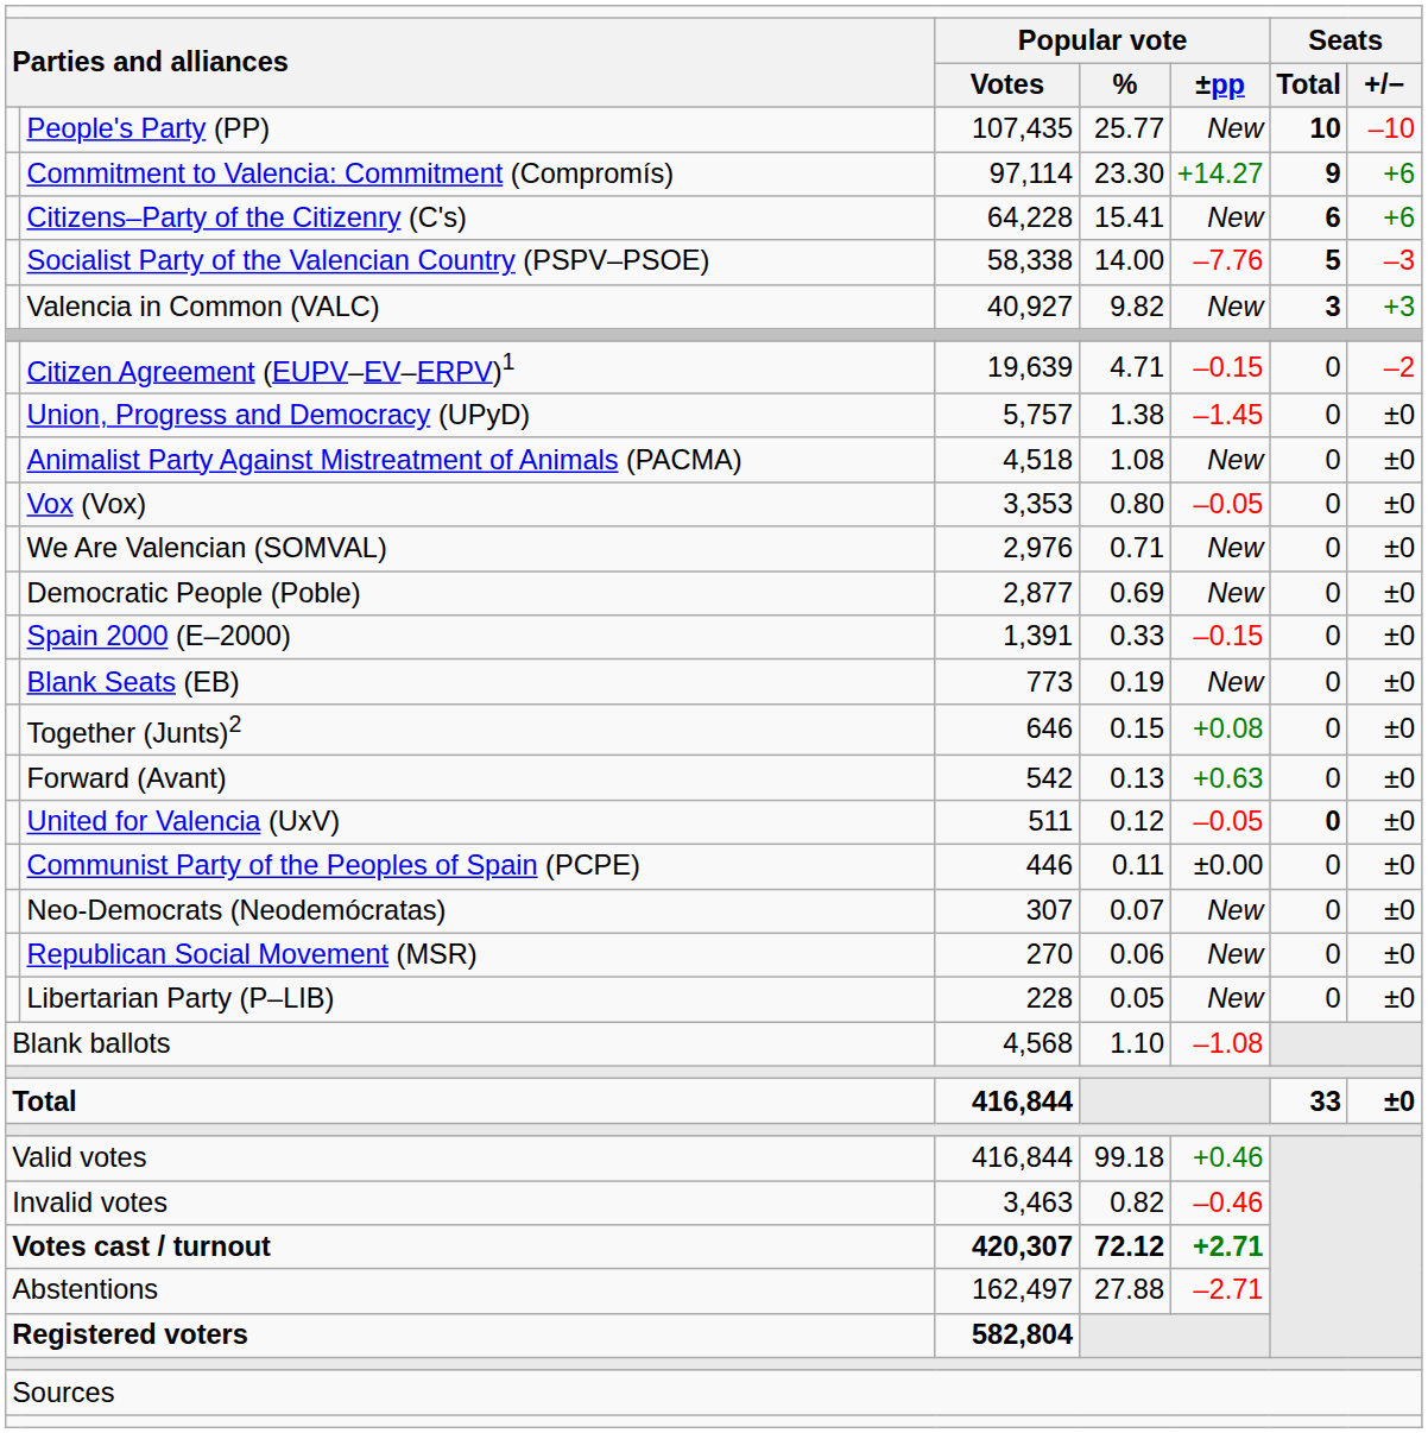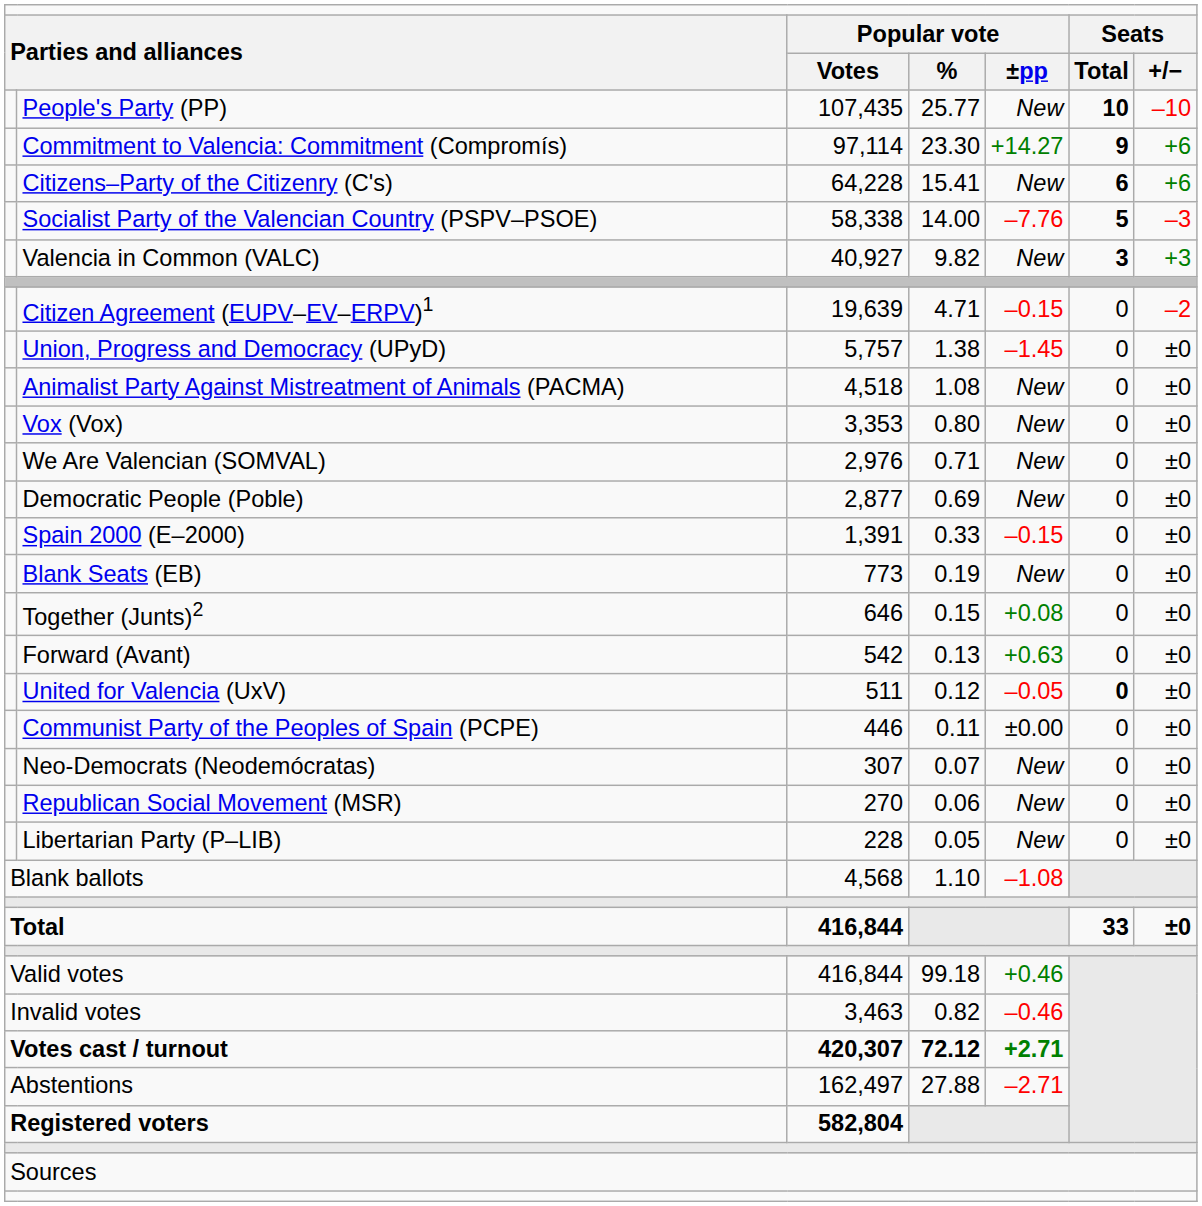 <table class="wikitable" style="text-align:right;">
 <tr>
 <td colspan="7"></td>
 </tr>
 <tr>
 <th style="text-align:left;" rowspan="2" colspan="2" width="525">Parties and alliances</th>
 <th colspan="3">Popular vote</th>
 <th colspan="2">Seats</th>
 </tr>
 <tr>
 <th width="75">Votes</th>
 <th width="45">%</th>
 <th width="45">±<a href='#'>pp</a></th>
 <th width="35">Total</th>
 <th width="35">+/−</th>
 </tr>
 <tr>
 <td width="1" style="color:inherit;background:"></td>
 <td align="left"><a href='#'>People's Party</a> (PP)</td>
 <td>107,435</td>
 <td>25.77</td>
 <td><em>New</em></td>
 <td><strong>10</strong></td>
 <td style="color:red;">–10</td>
 </tr>
 <tr>
 <td style="color:inherit;background:"></td>
 <td align="left"><a href='#'>Commitment to Valencia: Commitment</a> (Compromís)</td>
 <td>97,114</td>
 <td>23.30</td>
 <td style="color:green;">+14.27</td>
 <td><strong>9</strong></td>
 <td style="color:green;">+6</td>
 </tr>
 <tr>
 <td style="color:inherit;background:"></td>
 <td align="left"><a href='#'>Citizens–Party of the Citizenry</a> (C's)</td>
 <td>64,228</td>
 <td>15.41</td>
 <td><em>New</em></td>
 <td><strong>6</strong></td>
 <td style="color:green;">+6</td>
 </tr>
 <tr>
 <td style="color:inherit;background:"></td>
 <td align="left"><a href='#'>Socialist Party of the Valencian Country</a> (PSPV–PSOE)</td>
 <td>58,338</td>
 <td>14.00</td>
 <td style="color:red;">–7.76</td>
 <td><strong>5</strong></td>
 <td style="color:red;">–3</td>
 </tr>
 <tr>
 <td style="color:inherit;background:"></td>
 <td align="left">Valencia in Common (VALC)</td>
 <td>40,927</td>
 <td>9.82</td>
 <td><em>New</em></td>
 <td><strong>3</strong></td>
 <td style="color:green;">+3</td>
 </tr>
 <tr>
 <td colspan="7" bgcolor="#C0C0C0"></td>
 </tr>
 <tr>
 <td style="color:inherit;background:"></td>
 <td align="left"><a href='#'>Citizen Agreement</a> (<a href='#'>EUPV</a>–<a href='#'>EV</a>–<a href='#'>ERPV</a>)<sup>1</sup></td>
 <td>19,639</td>
 <td>4.71</td>
 <td style="color:red;">–0.15</td>
 <td>0</td>
 <td style="color:red;">–2</td>
 </tr>
 <tr>
 <td style="color:inherit;background:"></td>
 <td align="left"><a href='#'>Union, Progress and Democracy</a> (UPyD)</td>
 <td>5,757</td>
 <td>1.38</td>
 <td style="color:red;">–1.45</td>
 <td>0</td>
 <td>±0</td>
 </tr>
 <tr>
 <td style="color:inherit;background:"></td>
 <td align="left"><a href='#'>Animalist Party Against Mistreatment of Animals</a> (PACMA)</td>
 <td>4,518</td>
 <td>1.08</td>
 <td><em>New</em></td>
 <td>0</td>
 <td>±0</td>
 </tr>
 <tr>
 <td style="color:inherit;background:"></td>
 <td align="left"><a href='#'>Vox</a> (Vox)</td>
 <td>3,353</td>
 <td>0.80</td>
-<td style="color:red;">–0.05</td>
+<td><em>New</em></td>
 <td>0</td>
 <td>±0</td>
 </tr>
 <tr>
 <td style="color:inherit;background:"></td>
 <td align="left">We Are Valencian (SOMVAL)</td>
 <td>2,976</td>
 <td>0.71</td>
 <td><em>New</em></td>
 <td>0</td>
 <td>±0</td>
 </tr>
 <tr>
 <td style="color:inherit;background:"></td>
 <td align="left">Democratic People (Poble)</td>
 <td>2,877</td>
 <td>0.69</td>
 <td><em>New</em></td>
 <td>0</td>
 <td>±0</td>
 </tr>
 <tr>
 <td style="color:inherit;background:"></td>
 <td align="left"><a href='#'>Spain 2000</a> (E–2000)</td>
 <td>1,391</td>
 <td>0.33</td>
 <td style="color:red;">–0.15</td>
 <td>0</td>
 <td>±0</td>
 </tr>
 <tr>
 <td style="color:inherit;background:"></td>
 <td align="left"><a href='#'>Blank Seats</a> (EB)</td>
 <td>773</td>
 <td>0.19</td>
 <td><em>New</em></td>
 <td>0</td>
 <td>±0</td>
 </tr>
 <tr>
 <td style="color:inherit;background:"></td>
 <td align="left">Together (Junts)<sup>2</sup></td>
 <td>646</td>
 <td>0.15</td>
 <td style="color:green;">+0.08</td>
 <td>0</td>
 <td>±0</td>
 </tr>
 <tr>
 <td style="color:inherit;background:"></td>
 <td align="left">Forward (Avant)</td>
 <td>542</td>
 <td>0.13</td>
 <td style="color:green;">+0.63</td>
 <td>0</td>
 <td>±0</td>
 </tr>
 <tr>
 <td style="color:inherit;background:"></td>
 <td align="left"><a href='#'>United for Valencia</a> (UxV)</td>
 <td>511</td>
 <td>0.12</td>
 <td style="color:red;">–0.05</td>
 <td><strong>0</strong></td>
 <td>±0</td>
 </tr>
 <tr>
 <td style="color:inherit;background:"></td>
 <td align="left"><a href='#'>Communist Party of the Peoples of Spain</a> (PCPE)</td>
 <td>446</td>
 <td>0.11</td>
 <td>±0.00</td>
 <td>0</td>
 <td>±0</td>
 </tr>
 <tr>
 <td style="color:inherit;background:"></td>
 <td align="left">Neo-Democrats (Neodemócratas)</td>
 <td>307</td>
 <td>0.07</td>
 <td><em>New</em></td>
 <td>0</td>
 <td>±0</td>
 </tr>
 <tr>
 <td style="color:inherit;background:"></td>
 <td align="left"><a href='#'>Republican Social Movement</a> (MSR)</td>
 <td>270</td>
 <td>0.06</td>
 <td><em>New</em></td>
 <td>0</td>
 <td>±0</td>
 </tr>
 <tr>
 <td style="color:inherit;background:"></td>
 <td align="left">Libertarian Party (P–LIB)</td>
 <td>228</td>
 <td>0.05</td>
 <td><em>New</em></td>
 <td>0</td>
 <td>±0</td>
 </tr>
 <tr>
 <td align="left" colspan="2">Blank ballots</td>
 <td>4,568</td>
 <td>1.10</td>
 <td style="color:red;">–1.08</td>
 <td bgcolor="#E9E9E9" colspan="2"></td>
 </tr>
 <tr>
 <td colspan="7" bgcolor="#E9E9E9"></td>
 </tr>
 <tr style="font-weight:bold;">
 <td align="left" colspan="2">Total</td>
 <td>416,844</td>
 <td bgcolor="#E9E9E9" colspan="2"></td>
 <td>33</td>
 <td>±0</td>
 </tr>
 <tr>
 <td colspan="7" bgcolor="#E9E9E9"></td>
 </tr>
 <tr>
 <td align="left" colspan="2">Valid votes</td>
 <td>416,844</td>
 <td>99.18</td>
 <td style="color:green;">+0.46</td>
 <td bgcolor="#E9E9E9" colspan="2" rowspan="5"></td>
 </tr>
 <tr>
 <td align="left" colspan="2">Invalid votes</td>
 <td>3,463</td>
 <td>0.82</td>
 <td style="color:red;">–0.46</td>
 </tr>
 <tr style="font-weight:bold;">
 <td align="left" colspan="2">Votes cast / turnout</td>
 <td>420,307</td>
 <td>72.12</td>
 <td style="color:green;">+2.71</td>
 </tr>
 <tr>
 <td align="left" colspan="2">Abstentions</td>
 <td>162,497</td>
 <td>27.88</td>
 <td style="color:red;">–2.71</td>
 </tr>
 <tr style="font-weight:bold;">
 <td align="left" colspan="2">Registered voters</td>
 <td>582,804</td>
 <td bgcolor="#E9E9E9" colspan="2"></td>
 </tr>
 <tr>
 <td colspan="7" bgcolor="#E9E9E9"></td>
 </tr>
 <tr>
 <td align="left" colspan="7">Sources</td>
 </tr>
 <tr>
 <td colspan="7" style="text-align:left; max-width:790px;"></td>
 </tr>
 </table>
